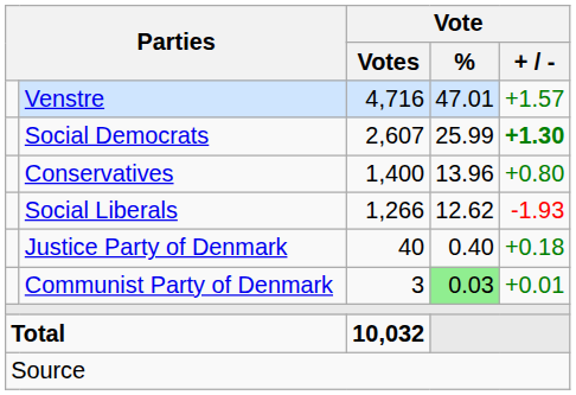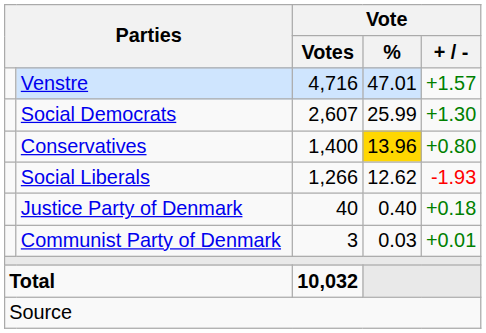 <table class="wikitable" style="text-align:right;">
 <tr>
 <th style="text-align:centre;" rowspan="2" colspan="2" width="225">Parties</th>
 <th colspan="3">Vote</th>
 </tr>
 <tr>
 <th width="15">Votes</th>
 <th width="15">%</th>
 <th width="15">+ / -</th>
 </tr>
 <tr>
 <td width="2" style="color:inherit;background:"></td>
 <td bgcolor=#cfe5fe  align="left"><a href='#'>Venstre</a></td>
 <td bgcolor=#cfe5fe>4,716</td>
 <td bgcolor=#cfe5fe>47.01</td>
 <td style=color:green;>+1.57</td>
 </tr>
 <tr>
 <td width="2" style="color:inherit;background:"></td>
 <td align="left"><a href='#'>Social Democrats</a></td>
 <td>2,607</td>
 <td>25.99</td>
-<td style=color:green;><strong>+1.30</strong></td>
+<td style=color:green;>+1.30</td>
 </tr>
 <tr>
 <td width="2" style="color:inherit;background:"></td>
 <td align="left"><a href='#'>Conservatives</a></td>
 <td>1,400</td>
-<td>13.96</td>
+<td style="background: gold;">13.96</td>
 <td style=color:green;>+0.80</td>
 </tr>
 <tr>
 <td width="2" style="color:inherit;background:"></td>
 <td align="left"><a href='#'>Social Liberals</a></td>
 <td>1,266</td>
 <td>12.62</td>
 <td style=color:red;>-1.93</td>
 </tr>
 <tr>
 <td width="2" style="color:inherit;background:"></td>
 <td align="left"><a href='#'>Justice Party of Denmark</a></td>
 <td>40</td>
 <td>0.40</td>
 <td style=color:green;>+0.18</td>
 </tr>
 <tr>
 <td width="2" style="color:inherit;background:"></td>
 <td align="left"><a href='#'>Communist Party of Denmark</a></td>
 <td>3</td>
-<td style="background: lightgreen;">0.03</td>
+<td>0.03</td>
 <td style=color:green;>+0.01</td>
 </tr>
 <tr>
 <td colspan="7" bgcolor="#E9E9E9"></td>
 </tr>
 <tr>
 <td align="left" colspan="2"><strong>Total</strong></td>
 <td><strong>10,032</strong></td>
 <td bgcolor="#E9E9E9" colspan="2"></td>
 </tr>
 <tr>
 <td align="left" colspan="6">Source</td>
 </tr>
 </table>
